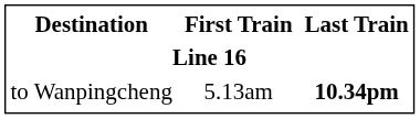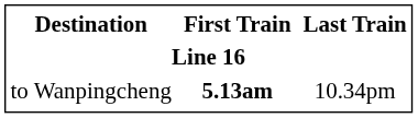 <table style="text-align:centre; font-size:95%; border:1px solid black">
 <tr>
 <th>Destination</th>
 <th></th>
 <th>First Train</th>
 <th></th>
 <th>Last Train</th>
 </tr>
 <tr>
 <th colspan="7" style="background-color:#">Line 16</th>
 </tr>
 <tr>
 <td>to Wanpingcheng</td>
 <td></td>
-<td style="text-align:center">5.13am</td>
+<td style="text-align:center"><strong>5.13am</strong></td>
 <td></td>
-<td style="text-align:center"><strong>10.34pm</strong></td>
+<td style="text-align:center">10.34pm</td>
 </tr>
 <tr>
 </tr>
 </table>
